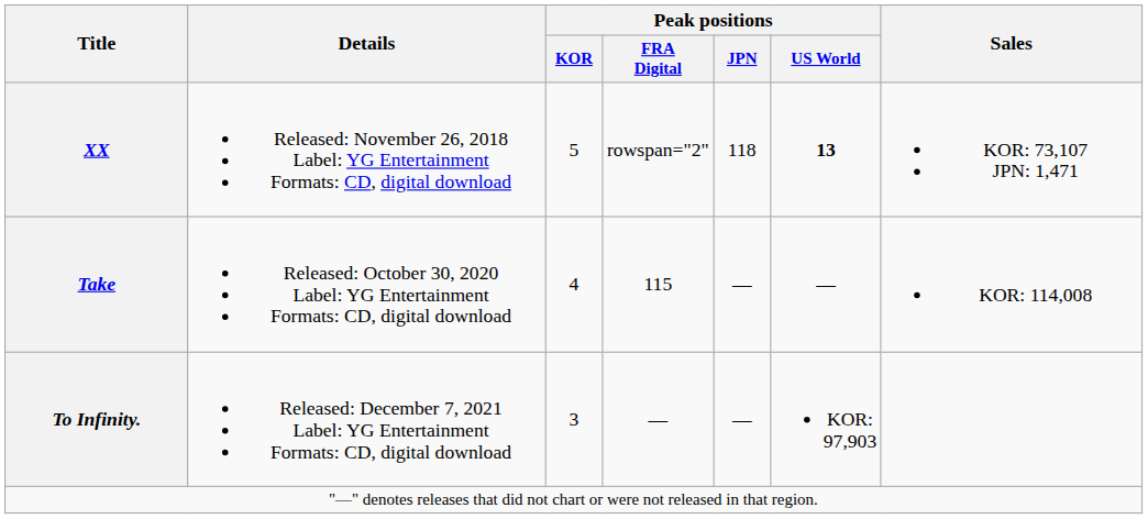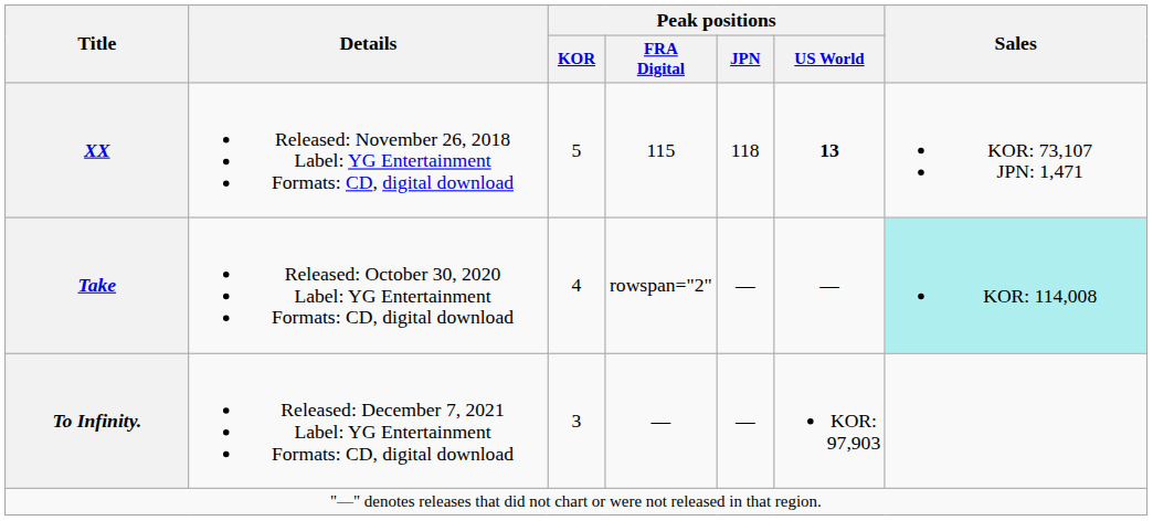 <table class="wikitable plainrowheaders" style="text-align:center;">
 <tr>
 <th scope="col" rowspan="2" style="width:9em;">Title</th>
 <th rowspan="2" style="width:18em;">Details</th>
 <th scope="col" colspan="4">Peak positions</th>
 <th scope="col" rowspan="2" style="width:13em;">Sales</th>
 </tr>
 <tr>
 <th scope="col" style="width:3em;font-size:85%;"><a href='#'>KOR</a><br></th>
 <th scope="col" style="width:3em;font-size:85%;"><a href='#'>FRA<br>Digital</a><br></th>
 <th scope="col" style="width:3em; font-size:85%"><a href='#'>JPN</a><br></th>
 <th scope="col" style="width:3em;font-size:85%;"><a href='#'>US World</a><br></th>
 </tr>
 <tr>
 <th scope="row"><em><a href='#'>XX</a></em></th>
 <td><br><ul><li>Released: November 26, 2018</li><li>Label: <a href='#'>YG Entertainment</a></li><li>Formats: <a href='#'>CD</a>, <a href='#'>digital download</a></li></ul></td>
 <td>5</td>
-<td>rowspan="2" </td>
+<td>115</td>
 <td>118</td>
 <td><strong>13</strong></td>
 <td><br><ul><li>KOR: 73,107</li><li>JPN: 1,471</li></ul></td>
 </tr>
 <tr>
 <th scope="row"><em><a href='#'>Take</a></em></th>
 <td><br><ul><li>Released: October 30, 2020</li><li>Label: YG Entertainment</li><li>Formats: CD, digital download</li></ul></td>
 <td>4</td>
-<td>115</td>
+<td>rowspan="2" </td>
 <td>—</td>
 <td>—</td>
-<td><br><ul><li>KOR: 114,008</li></ul></td>
+<td style="background: paleturquoise;"><br><ul><li>KOR: 114,008</li></ul></td>
 </tr>
 <tr>
 <th scope="row"><em>To Infinity.</em></th>
 <td><br><ul><li>Released: December 7, 2021</li><li>Label: YG Entertainment</li><li>Formats: CD, digital download</li></ul></td>
 <td>3</td>
 <td>—</td>
 <td>—</td>
 <td><br><ul><li>KOR: 97,903</li></ul></td>
 </tr>
 <tr>
 <td colspan="7" style="font-size:85%;">"—" denotes releases that did not chart or were not released in that region.</td>
 </tr>
 </table>
